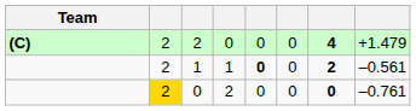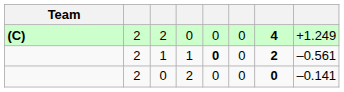 <table class="wikitable" style="text-align:center">
 <tr>
 <th width="140">Team</th>
 <th width="25"></th>
 <th width="25"></th>
 <th width="25"></th>
 <th width="25"></th>
 <th width="25"></th>
 <th width="40"></th>
 <th width="25"></th>
 </tr>
 <tr style="background:#cfc">
 <td style="text-align:left"> <strong>(C)</strong></td>
 <td>2</td>
 <td>2</td>
 <td>0</td>
 <td>0</td>
 <td>0</td>
 <td><strong>4</strong></td>
-<td>+1.479</td>
+<td>+1.249</td>
 </tr>
 <tr>
 <td style="text-align:left"></td>
 <td>2</td>
 <td>1</td>
 <td>1</td>
 <td><strong>0</strong></td>
 <td>0</td>
 <td><strong>2</strong></td>
 <td>–0.561</td>
 </tr>
 <tr>
 <td style="text-align:left"></td>
-<td style="background: gold;">2</td>
+<td>2</td>
 <td>0</td>
 <td>2</td>
 <td>0</td>
 <td>0</td>
 <td><strong>0</strong></td>
-<td>–0.761</td>
+<td>–0.141</td>
 </tr>
 </table>
